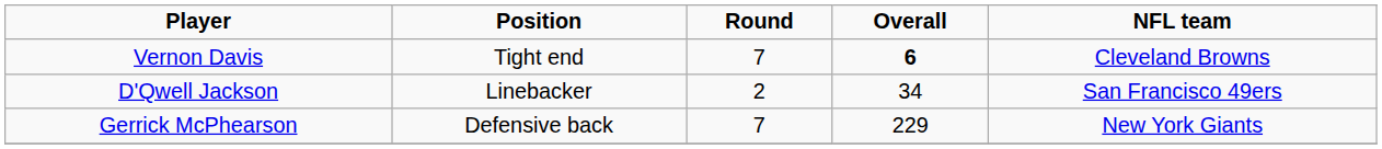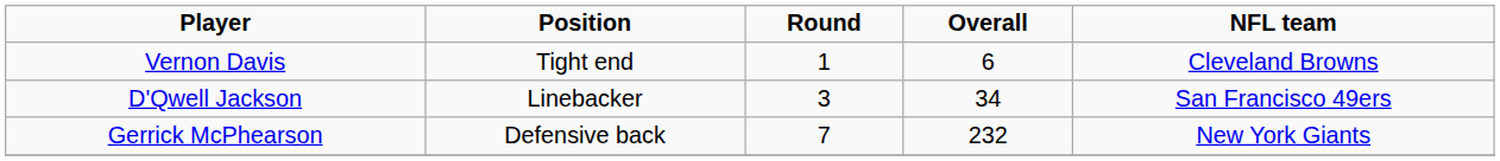 <table class="wikitable" width="80%">
 <tr align="center">
 <td><strong>Player</strong></td>
 <td><strong>Position</strong></td>
 <td><strong>Round</strong></td>
 <td><strong>Overall</strong></td>
 <td><strong>NFL team</strong></td>
 </tr>
 <tr align="center" bgcolor="">
 <td><a href='#'>Vernon Davis</a></td>
 <td>Tight end</td>
-<td>7</td>
-<td><strong>6</strong></td>
+<td>1</td>
+<td>6</td>
 <td><a href='#'>Cleveland Browns</a></td>
 </tr>
 <tr align="center" bgcolor="">
 <td><a href='#'>D'Qwell Jackson</a></td>
 <td>Linebacker</td>
-<td>2</td>
+<td>3</td>
 <td>34</td>
 <td><a href='#'>San Francisco 49ers</a></td>
 </tr>
 <tr align="center" bgcolor="">
 <td><a href='#'>Gerrick McPhearson</a></td>
 <td>Defensive back</td>
 <td>7</td>
-<td>229</td>
+<td>232</td>
 <td><a href='#'>New York Giants</a></td>
 </tr>
 <tr align="center" bgcolor="">
 </tr>
 </table>
